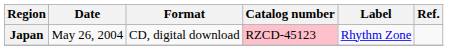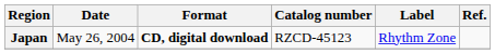 <table class="wikitable plainrowheaders">
 <tr>
 <th>Region</th>
 <th>Date</th>
 <th>Format</th>
 <th>Catalog number</th>
 <th>Label</th>
 <th>Ref.</th>
 </tr>
 <tr>
 <th scope="row">Japan</th>
 <td>May 26, 2004</td>
-<td>CD, digital download</td>
-<td style="background: pink;">RZCD-45123</td>
+<td><strong>CD, digital download</strong></td>
+<td>RZCD-45123</td>
 <td><a href='#'>Rhythm Zone</a></td>
 <td align="center"></td>
 </tr>
 <tr>
 </tr>
 </table>
